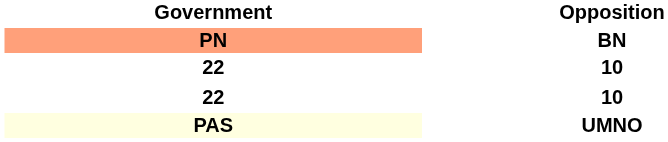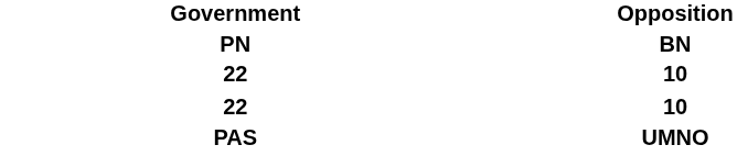 <table style="width:40em;">
 <tr style="text-align:center;">
 <td colspan="1" style="color:"><strong>Government</strong></td>
 <td colspan="1" style="color:"><strong>Opposition</strong></td>
 </tr>
 <tr style="text-align:center;">
-<td style="background: lightsalmon; color:"><strong>PN</strong></td>
+<td style="color:"><strong>PN</strong></td>
 <td style="color:"><strong>BN</strong></td>
 </tr>
 <tr style="text-align:center;">
 <td style="background:"><strong>22</strong></td>
 <td style="background:"><strong>10</strong></td>
 </tr>
 <tr>
 </tr>
 <tr style="text-align:center;">
 <td style="background:"><strong>22</strong></td>
 <td style="background:"><strong>10</strong></td>
 </tr>
 <tr style="text-align:center;">
-<td style="background: lightyellow; color:"><strong>PAS</strong></td>
+<td style="color:"><strong>PAS</strong></td>
 <td style="color:"><strong>UMNO</strong></td>
 </tr>
 </table>
